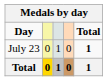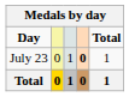 <table class="wikitable" style="font-size:85%; float:right">
 <tr align=center>
 <th colspan=7><strong>Medals by day</strong></th>
 </tr>
 <tr align=center>
 <td><strong>Day</strong></td>
 <td style="background:#f7f6a8;"></td>
 <td style="background:#dce5e5;"></td>
 <td style="background:#ffdab9;"></td>
 <td><strong>Total</strong></td>
 </tr>
 <tr align=center>
 <td>July 23</td>
 <td style="background:#f7f6a8;">0</td>
 <td style="background:#dce5e5;">1</td>
-<td style="background:#ffdab9;">0</td>
-<td><strong>1</strong></td>
+<td style="background:#ffdab9;"><strong>0</strong></td>
+<td>1</td>
 </tr>
 <tr align=center>
 <th><strong>Total</strong></th>
 <th style="background:gold;"><strong>0</strong></th>
 <th style="background:silver;"><strong>1</strong></th>
 <th style="background:#c96;"><strong>0</strong></th>
 <th><strong>1</strong></th>
 </tr>
 </table>
